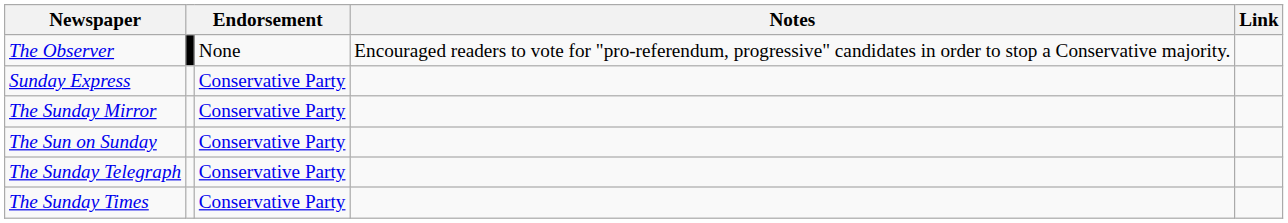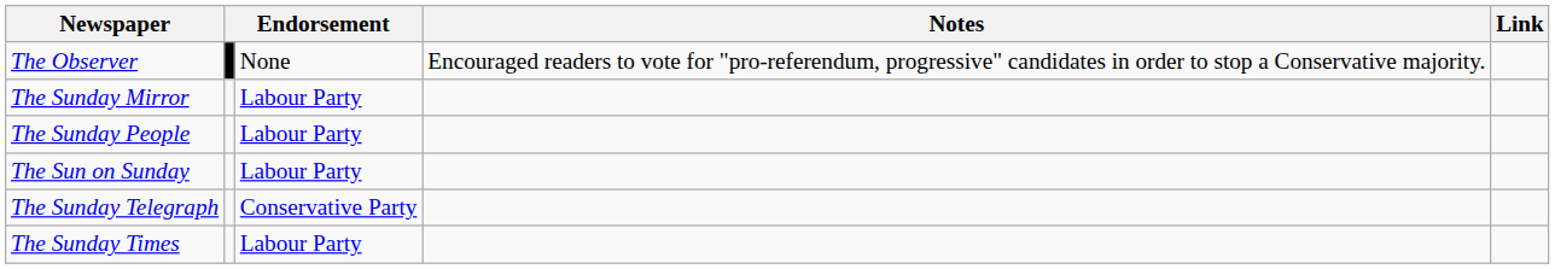 <table class="wikitable">
 <tr>
 <th>Newspaper</th>
 <th colspan=2>Endorsement</th>
 <th>Notes</th>
 <th>Link</th>
 </tr>
 <tr>
 <td><em><a href='#'>The Observer</a></em></td>
 <td style="background-color:black"></td>
 <td>None</td>
 <td>Encouraged readers to vote for "pro-referendum, progressive" candidates in order to stop a Conservative majority.</td>
 <td></td>
 </tr>
 <tr>
-<td><em><a href='#'>Sunday Express</a></em></td>
+<td><em><a href='#'>The Sunday Mirror</a></em></td>
 <td style="background-color: "></td>
-<td><a href='#'>Conservative Party</a></td>
+<td><a href='#'>Labour Party</a></td>
 <td></td>
 <td></td>
 </tr>
 <tr>
-<td><em><a href='#'>The Sunday Mirror</a></em></td>
+<td><em><a href='#'>The Sunday People</a></em></td>
 <td style="background-color: "></td>
-<td><a href='#'>Conservative Party</a></td>
+<td><a href='#'>Labour Party</a></td>
 <td></td>
 <td></td>
 </tr>
 <tr>
 <td><em><a href='#'>The Sun on Sunday</a></em></td>
 <td style="background-color: "></td>
-<td><a href='#'>Conservative Party</a></td>
+<td><a href='#'>Labour Party</a></td>
 <td></td>
 <td></td>
 </tr>
 <tr>
 <td><em><a href='#'>The Sunday Telegraph</a></em></td>
 <td style="background-color: "></td>
 <td><a href='#'>Conservative Party</a></td>
 <td></td>
 <td></td>
 </tr>
 <tr>
 <td><em><a href='#'>The Sunday Times</a></em></td>
 <td style="background-color: "></td>
-<td><a href='#'>Conservative Party</a></td>
+<td><a href='#'>Labour Party</a></td>
 <td></td>
 <td></td>
 </tr>
 </table>
